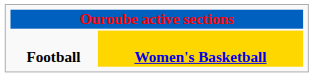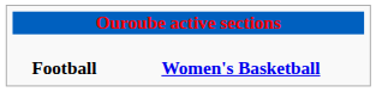 <table class="infobox" style="width: 20em; font-size: 95%em;">
 <tr style="color:#ff0000; background:#0060BF; text-align:center;">
 <th colspan="3">Ouroube active sections</th>
 </tr>
 <tr style="text-align: center">
 <td><br><strong>Football</strong></td>
-<td style="background: gold;"><br><strong><a href='#'>Women's Basketball</a></strong></td>
+<td><br><strong><a href='#'>Women's Basketball</a></strong></td>
 </tr>
 </table>
